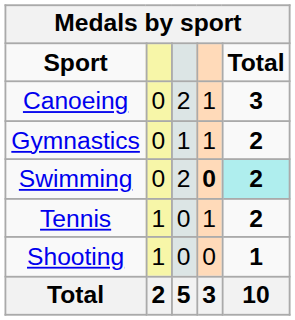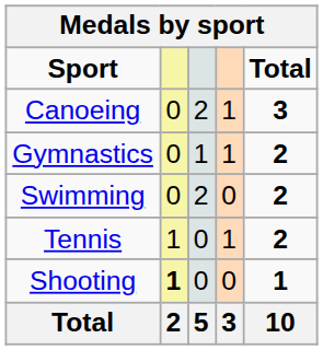 <table class="wikitable" style="font-size:85%; float:right;">
 <tr style="background:#efefef;">
 <th colspan=5>Medals by sport</th>
 </tr>
 <tr align=center>
 <td><strong>Sport</strong></td>
 <td bgcolor=#f7f6a8></td>
 <td bgcolor=#dce5e5></td>
 <td bgcolor=#ffdab9></td>
 <td><strong>Total</strong></td>
 </tr>
 <tr align=center>
 <td><a href='#'>Canoeing</a></td>
 <td style="background:#F7F6A8;">0</td>
 <td style="background:#DCE5E5;">2</td>
 <td style="background:#FFDAB9;">1</td>
 <td><strong>3</strong></td>
 </tr>
 <tr align=center>
 <td><a href='#'>Gymnastics</a></td>
 <td style="background:#F7F6A8;">0</td>
 <td style="background:#DCE5E5;">1</td>
 <td style="background:#FFDAB9;">1</td>
 <td><strong>2</strong></td>
 </tr>
 <tr align=center>
 <td><a href='#'>Swimming</a></td>
 <td style="background:#F7F6A8;">0</td>
 <td style="background:#DCE5E5;">2</td>
-<td style="background:#FFDAB9;"><strong>0</strong></td>
-<td style="background: paleturquoise;"><strong>2</strong></td>
+<td style="background:#FFDAB9;">0</td>
+<td><strong>2</strong></td>
 </tr>
 <tr align=center>
 <td><a href='#'>Tennis</a></td>
 <td style="background:#F7F6A8;">1</td>
 <td style="background:#DCE5E5;">0</td>
 <td style="background:#FFDAB9;">1</td>
 <td><strong>2</strong></td>
 </tr>
 <tr align=center>
 <td><a href='#'>Shooting</a></td>
-<td style="background:#F7F6A8;">1</td>
+<td style="background:#F7F6A8;"><strong>1</strong></td>
 <td style="background:#DCE5E5;">0</td>
 <td style="background:#FFDAB9;">0</td>
 <td><strong>1</strong></td>
 </tr>
 <tr align=center>
 <th>Total</th>
 <th>2</th>
 <th>5</th>
 <th>3</th>
 <th>10</th>
 </tr>
 </table>
